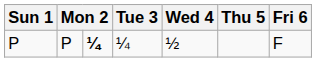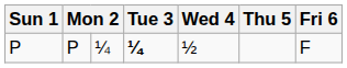 <table class="wikitable olympic-schedule table-tennis">
 <tr>
 <th>Sun 1</th>
 <th colspan=2>Mon 2</th>
 <th>Tue 3</th>
 <th>Wed 4</th>
 <th>Thu 5</th>
 <th>Fri 6</th>
 </tr>
 <tr>
 <td class="prelims">P</td>
 <td class="prelims">P</td>
+<td class="quarterfinals">¼</td>
 <td class="quarterfinals"><strong>¼</strong></td>
-<td class="quarterfinals">¼</td>
 <td class="semifinals">½</td>
 <td></td>
 <td class="final">F</td>
 </tr>
 </table>
